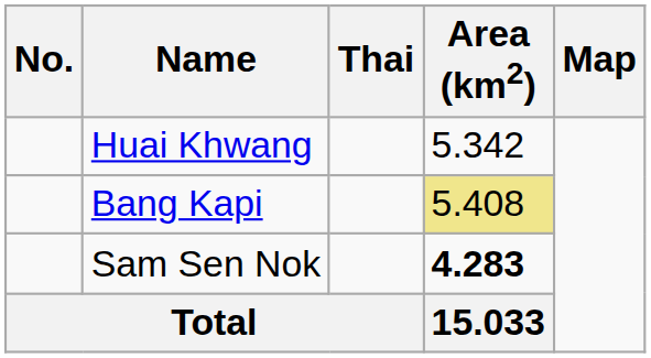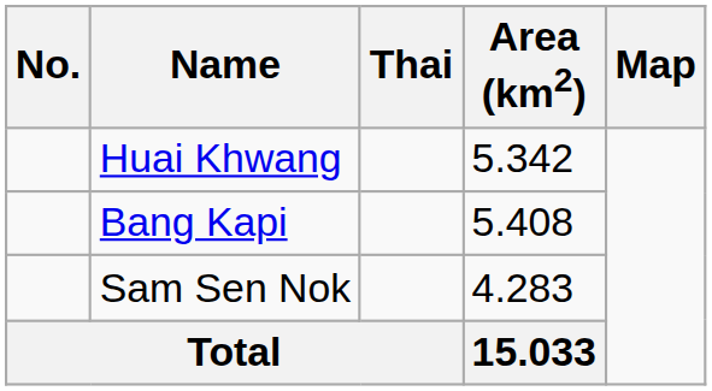 <table class="wikitable sortable">
 <tr>
 <th>No.</th>
 <th>Name</th>
 <th>Thai</th>
 <th>Area<br>(km<sup>2</sup>)</th>
 <th>Map</th>
 </tr>
 <tr>
 <td></td>
 <td><a href='#'>Huai Khwang</a></td>
 <td></td>
 <td><div>5.342</div></td>
 <td rowspan=4></td>
 </tr>
 <tr>
 <td></td>
 <td><a href='#'>Bang Kapi</a></td>
 <td></td>
-<td style="background: khaki;"><div>5.408</div></td>
+<td><div>5.408</div></td>
 </tr>
 <tr>
 <td></td>
 <td>Sam Sen Nok</td>
 <td></td>
-<td><strong><div>4.283</div></strong></td>
+<td><div>4.283</div></td>
 </tr>
 <tr>
 <th colspan=3>Total</th>
 <th><div>15.033</div></th>
 </tr>
 </table>
